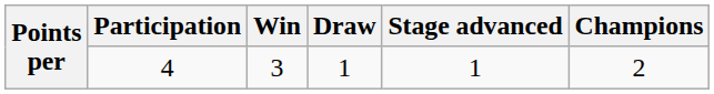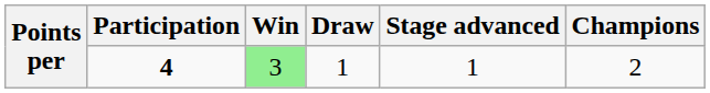 <table class="wikitable" style="text-align:center">
 <tr>
 <th rowspan=2>Points<br>per</th>
 <th>Participation</th>
 <th>Win</th>
 <th>Draw</th>
 <th>Stage advanced</th>
 <th>Champions</th>
 </tr>
 <tr>
-<td>4</td>
-<td>3</td>
+<td><strong>4</strong></td>
+<td style="background: lightgreen;">3</td>
 <td>1</td>
 <td>1</td>
 <td>2</td>
 </tr>
 </table>
